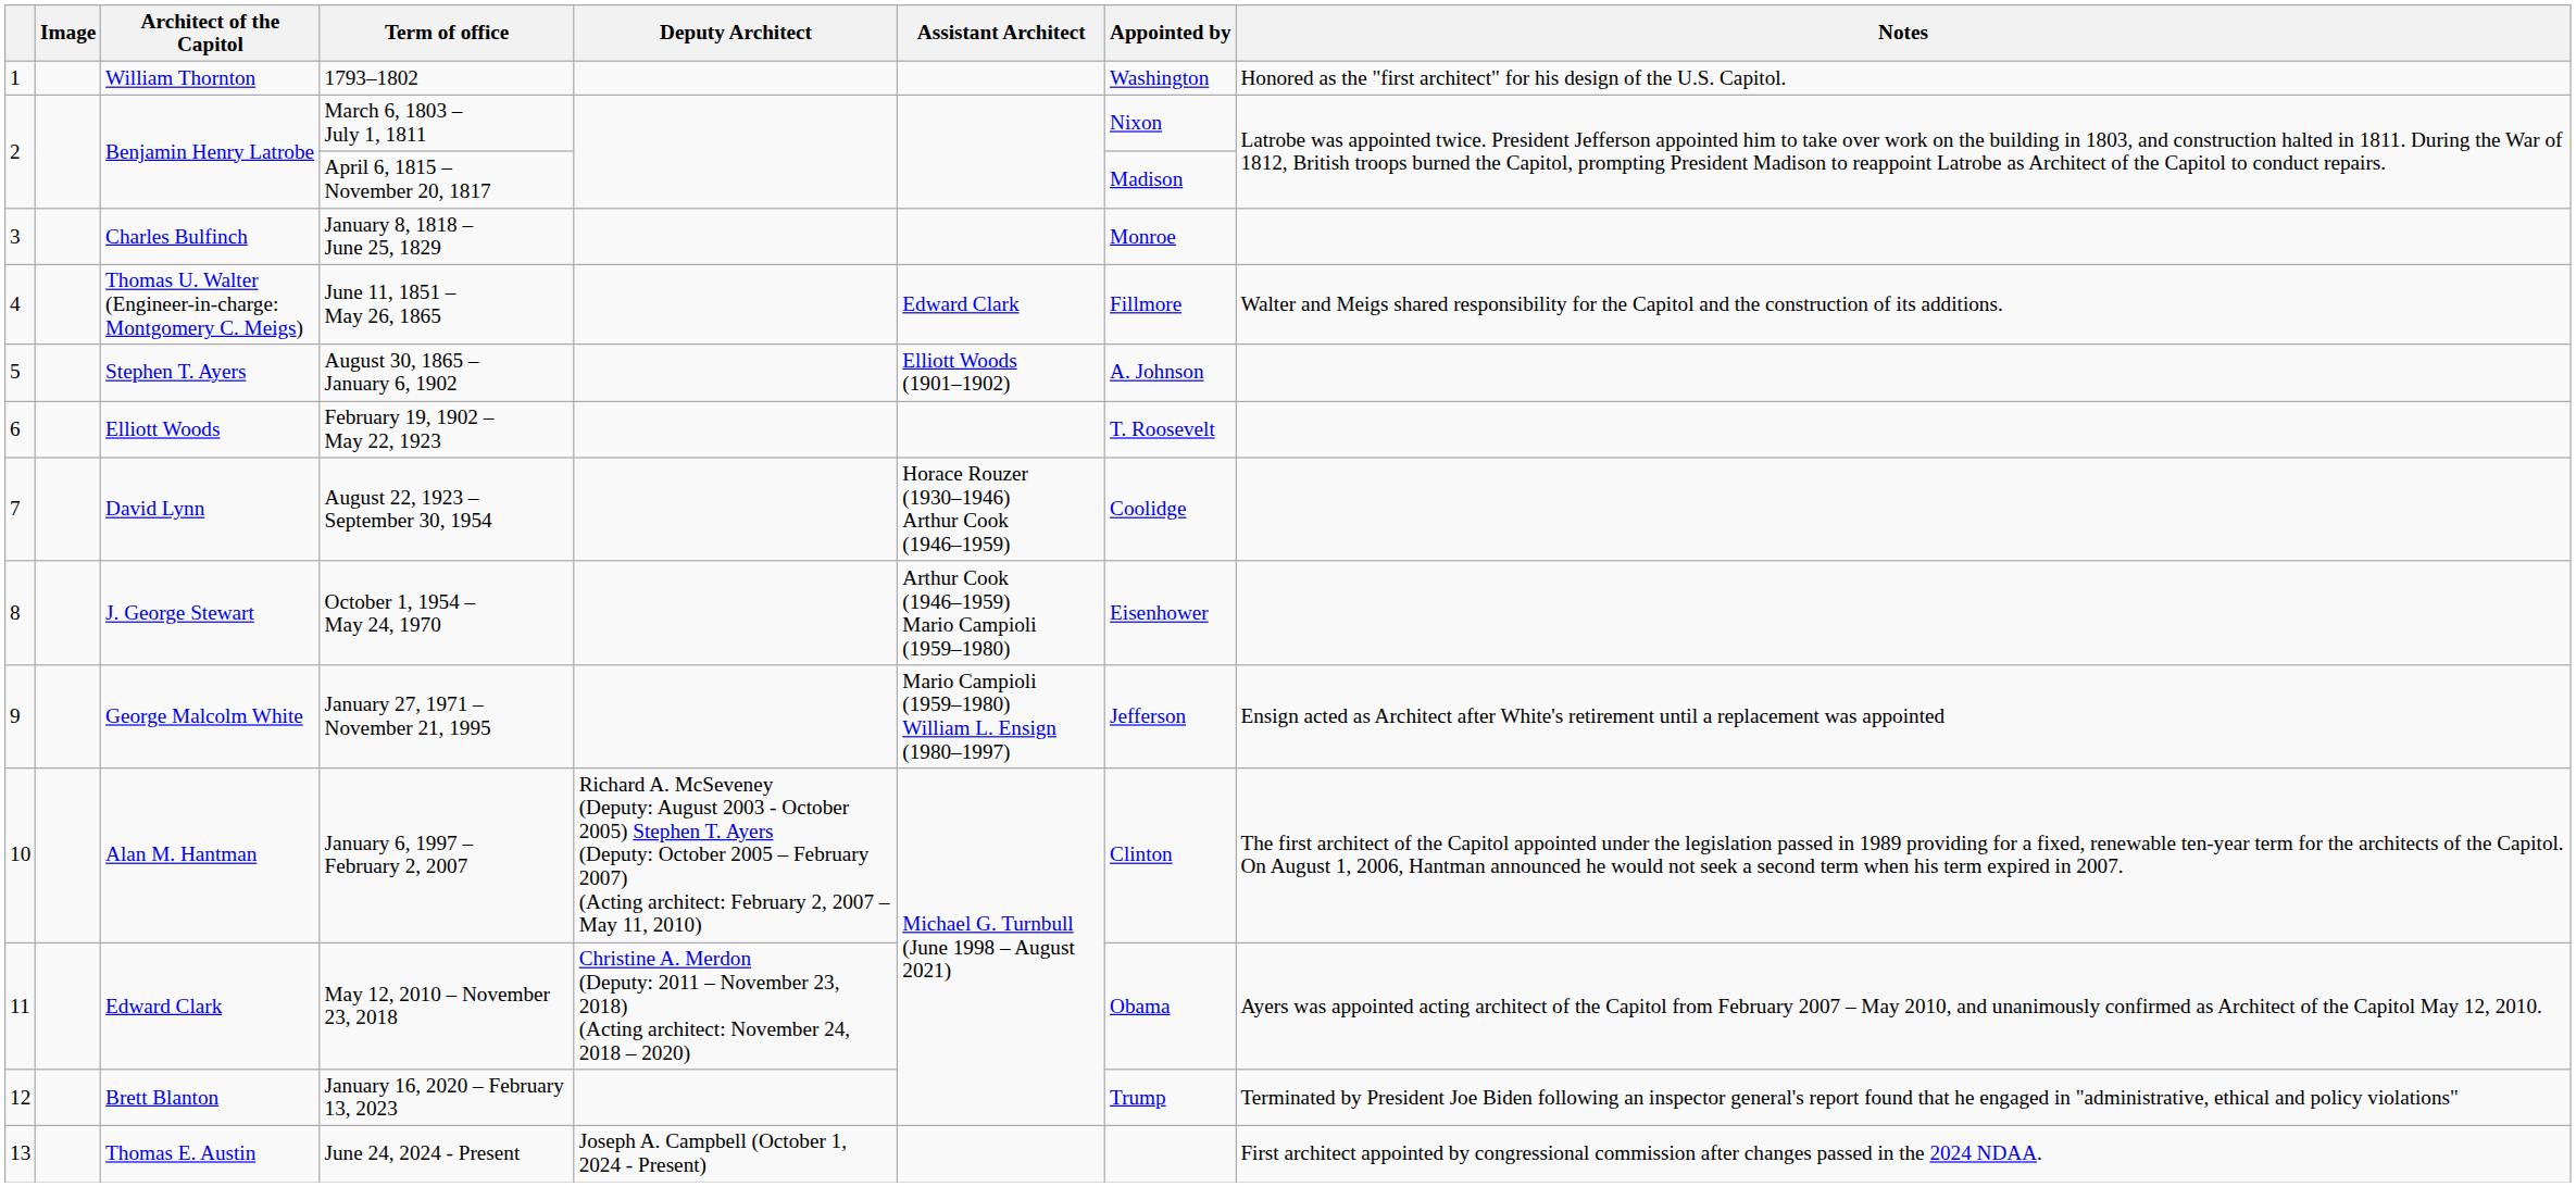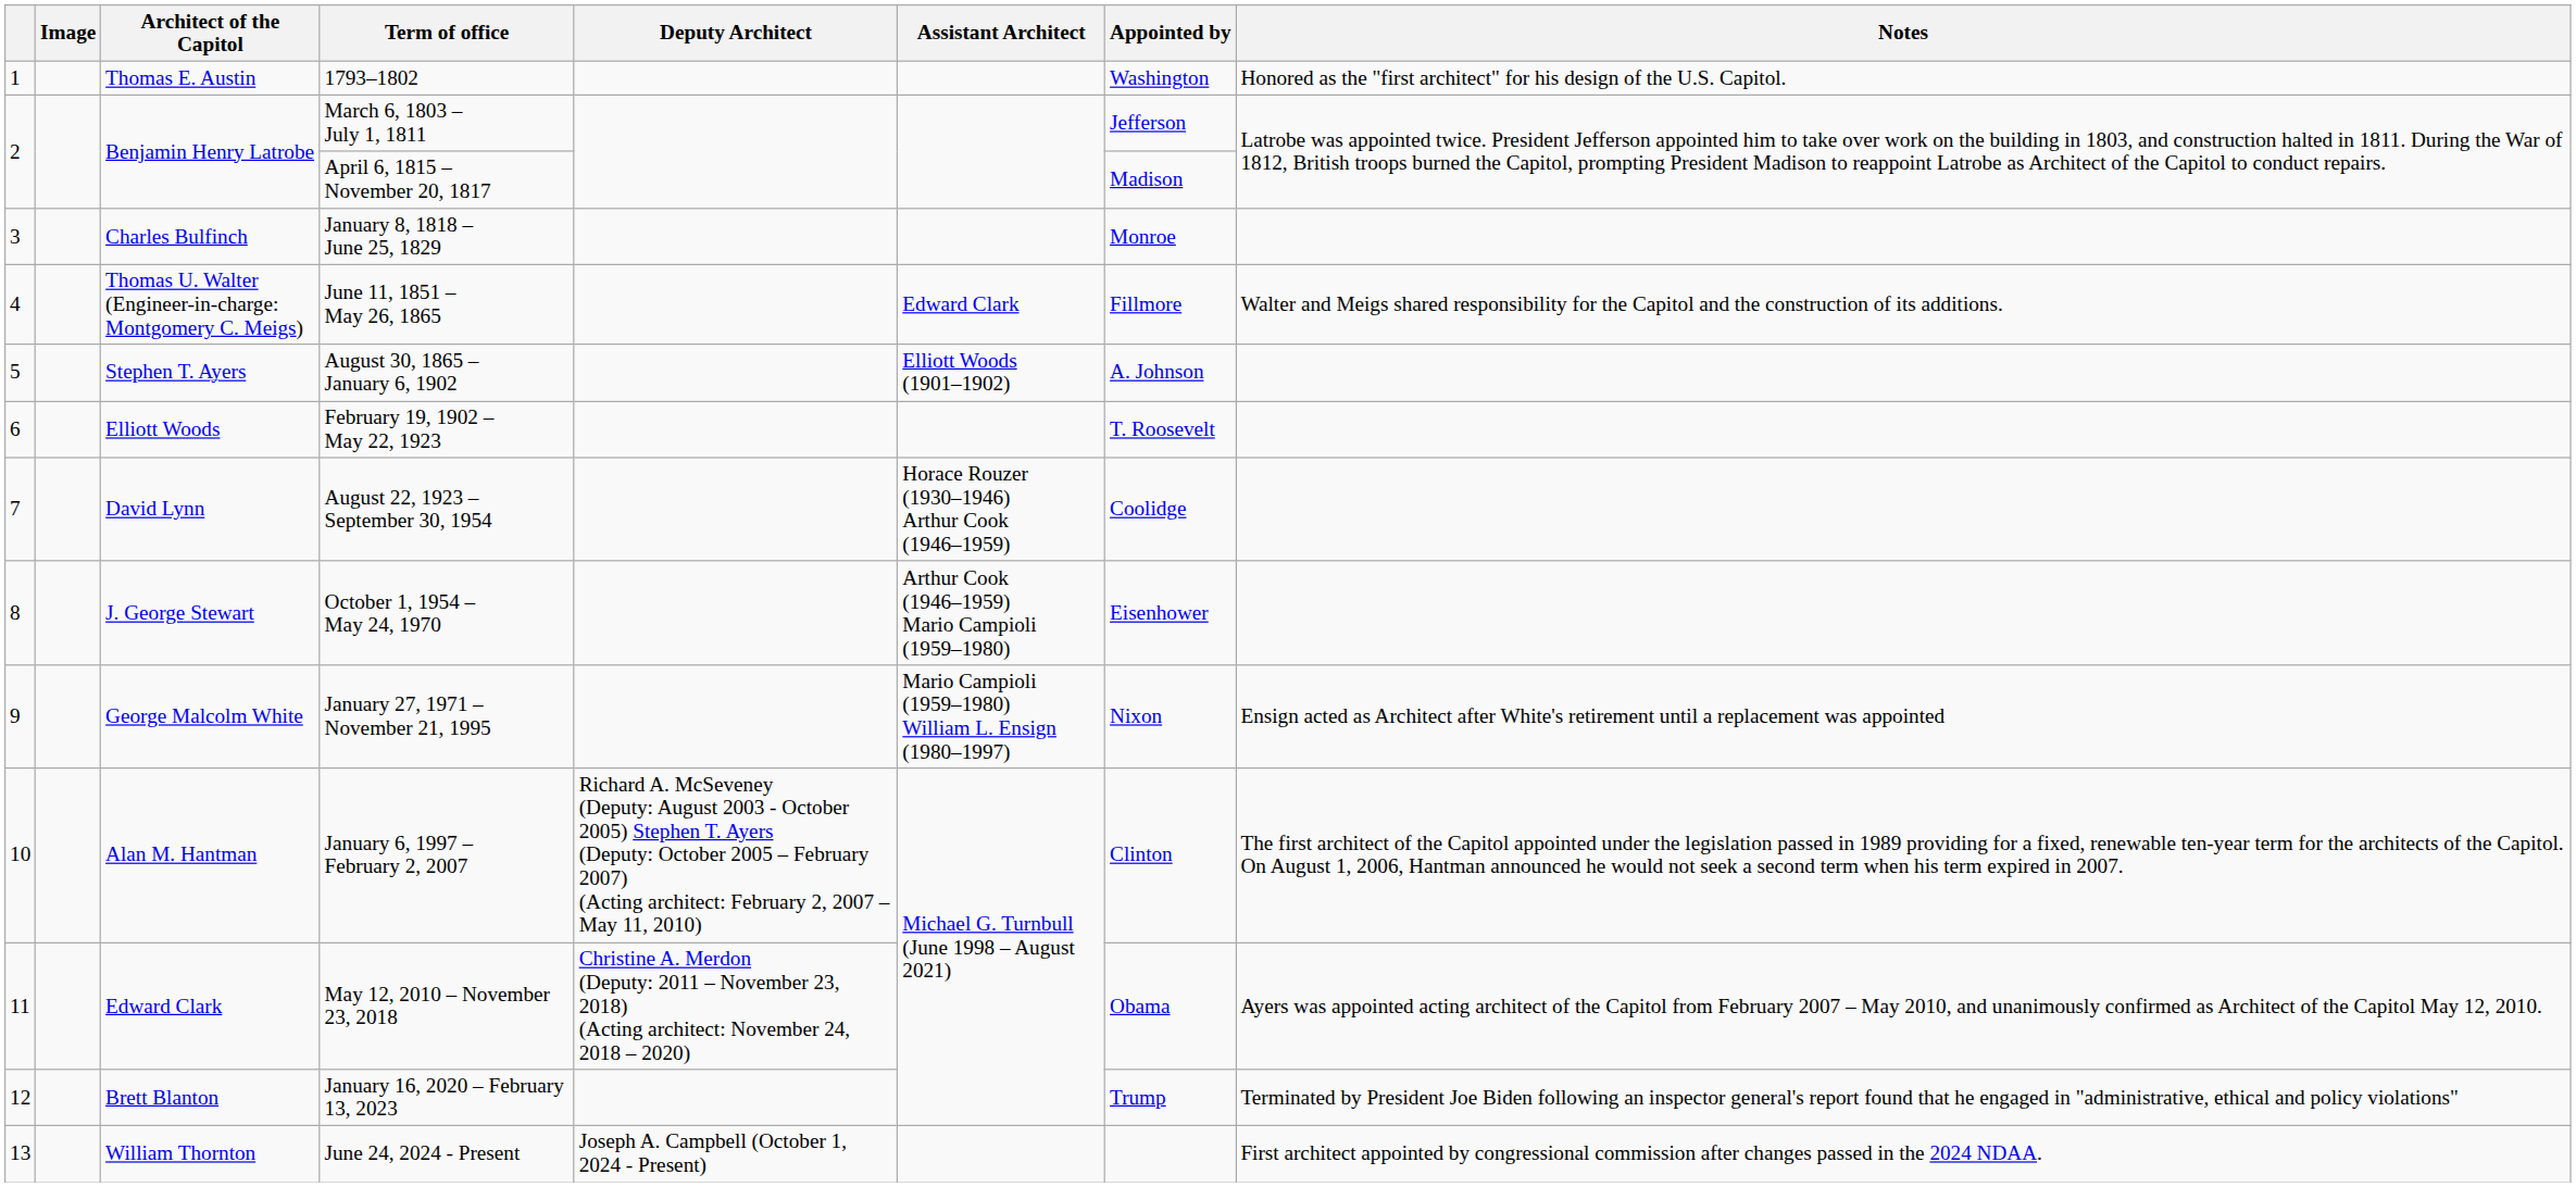 <table class="wikitable sortable">
 <tr>
 <th></th>
 <th>Image</th>
 <th>Architect of the Capitol</th>
 <th nowrap>Term of office</th>
 <th nowrap>Deputy Architect</th>
 <th nowrap>Assistant Architect</th>
 <th nowrap>Appointed by</th>
 <th class="unsortable">Notes</th>
 </tr>
 <tr>
 <td>1</td>
 <td></td>
-<td nowrap><a href='#'>William Thornton</a></td>
+<td><a href='#'>Thomas E. Austin</a></td>
 <td nowrap>1793–1802</td>
 <td data-sort-value="9999"></td>
 <td data-sort-value="9999"></td>
 <td><a href='#'>Washington</a></td>
 <td>Honored as the "first architect" for his design of the U.S. Capitol.</td>
 </tr>
 <tr>
 <td rowspan=2>2</td>
 <td rowspan=2></td>
 <td nowrap rowspan=2><a href='#'>Benjamin Henry Latrobe</a></td>
 <td nowrap>March 6, 1803 –<br>July 1, 1811</td>
 <td rowspan=2 data-sort-value="9999"></td>
 <td rowspan=2 data-sort-value="9999"></td>
-<td><a href='#'>Nixon</a></td>
+<td><a href='#'>Jefferson</a></td>
 <td rowspan=2>Latrobe was appointed twice. President Jefferson appointed him to take over work on the building in 1803, and construction halted in 1811. During the War of 1812, British troops burned the Capitol, prompting President Madison to reappoint Latrobe as Architect of the Capitol to conduct repairs.</td>
 </tr>
 <tr>
 <td nowrap>April 6, 1815 –<br>November 20, 1817</td>
 <td><a href='#'>Madison</a></td>
 </tr>
 <tr>
 <td>3</td>
 <td></td>
 <td nowrap><a href='#'>Charles Bulfinch</a></td>
 <td nowrap>January 8, 1818 –<br>June 25, 1829</td>
 <td data-sort-value="9999"></td>
 <td data-sort-value="9999"></td>
 <td><a href='#'>Monroe</a></td>
 <td></td>
 </tr>
 <tr>
 <td>4</td>
 <td></td>
 <td nowrap><a href='#'>Thomas U. Walter</a><br>(Engineer-in-charge:<br><a href='#'>Montgomery C. Meigs</a>)</td>
 <td nowrap>June 11, 1851 –<br>May 26, 1865</td>
 <td data-sort-value="9999"></td>
 <td><a href='#'>Edward Clark</a></td>
 <td><a href='#'>Fillmore</a></td>
 <td>Walter and Meigs shared responsibility for the Capitol and the construction of its additions.</td>
 </tr>
 <tr>
 <td>5</td>
 <td></td>
 <td nowrap><a href='#'>Stephen T. Ayers</a></td>
 <td nowrap>August 30, 1865 –<br>January 6, 1902</td>
 <td data-sort-value="9999"></td>
 <td><a href='#'>Elliott Woods</a><br> (1901–1902)</td>
 <td><a href='#'>A. Johnson</a></td>
 <td></td>
 </tr>
 <tr>
 <td>6</td>
 <td></td>
 <td nowrap><a href='#'>Elliott Woods</a></td>
 <td nowrap>February 19, 1902 –<br>May 22, 1923</td>
 <td data-sort-value="9999"></td>
 <td data-sort-value="9999"></td>
 <td><a href='#'>T. Roosevelt</a></td>
 <td></td>
 </tr>
 <tr>
 <td>7</td>
 <td></td>
 <td nowrap><a href='#'>David Lynn</a></td>
 <td nowrap>August 22, 1923 –<br>September 30, 1954</td>
 <td data-sort-value="9999"></td>
 <td>Horace Rouzer<br> (1930–1946)<br>Arthur Cook<br> (1946–1959)</td>
 <td><a href='#'>Coolidge</a></td>
 <td></td>
 </tr>
 <tr>
 <td>8</td>
 <td></td>
 <td nowrap><a href='#'>J. George Stewart</a></td>
 <td nowrap>October 1, 1954 –<br>May 24, 1970</td>
 <td data-sort-value="9999"></td>
 <td>Arthur Cook<br> (1946–1959)<br>Mario Campioli<br> (1959–1980)</td>
 <td><a href='#'>Eisenhower</a></td>
 <td></td>
 </tr>
 <tr>
 <td>9</td>
 <td></td>
 <td nowrap><a href='#'>George Malcolm White</a></td>
 <td nowrap>January 27, 1971 –<br>November 21, 1995</td>
 <td data-sort-value="9999"></td>
 <td>Mario Campioli<br> (1959–1980)<br><a href='#'>William L. Ensign</a><br> (1980–1997)</td>
-<td><a href='#'>Jefferson</a></td>
+<td><a href='#'>Nixon</a></td>
 <td>Ensign acted as Architect after White's retirement until a replacement was appointed</td>
 </tr>
 <tr>
 <td>10</td>
 <td></td>
 <td nowrap><a href='#'>Alan M. Hantman</a></td>
 <td nowrap>January 6, 1997 –<br>February 2, 2007</td>
 <td>Richard A. McSeveney<br>(Deputy: August 2003 - October 2005) <a href='#'>Stephen T. Ayers</a><br>(Deputy: October 2005 – February 2007)<br>(Acting architect: February 2, 2007 – May 11, 2010)</td>
 <td rowspan=3><a href='#'>Michael G. Turnbull</a><br>(June 1998 – August 2021)</td>
 <td><a href='#'>Clinton</a></td>
 <td>The first architect of the Capitol appointed under the legislation passed in 1989 providing for a fixed, renewable ten-year term for the architects of the Capitol. On August 1, 2006, Hantman announced he would not seek a second term when his term expired in 2007.</td>
 </tr>
 <tr>
 <td>11</td>
 <td></td>
 <td nowrap><a href='#'>Edward Clark</a></td>
 <td>May 12, 2010  – November 23, 2018</td>
 <td><a href='#'>Christine A. Merdon</a><br>(Deputy: 2011 – November 23, 2018)<br>(Acting architect: November 24, 2018 – 2020)</td>
 <td><a href='#'>Obama</a></td>
 <td>Ayers was appointed acting architect of the Capitol from February 2007 – May 2010, and unanimously confirmed as Architect of the Capitol May 12, 2010.</td>
 </tr>
 <tr>
 <td>12</td>
 <td></td>
 <td nowrap><a href='#'>Brett Blanton</a></td>
 <td>January 16, 2020 – February 13, 2023</td>
 <td data-sort-value="9999"></td>
 <td><a href='#'>Trump</a></td>
 <td>Terminated by President Joe Biden following an inspector general's report found that he engaged in "administrative, ethical and policy violations"</td>
 </tr>
 <tr>
 <td>13</td>
 <td></td>
-<td><a href='#'>Thomas E. Austin</a></td>
+<td nowrap><a href='#'>William Thornton</a></td>
 <td>June 24, 2024 - Present</td>
 <td>Joseph A. Campbell (October 1, 2024 - Present)</td>
 <td></td>
 <td></td>
 <td>First architect appointed by congressional commission after changes passed in the <a href='#'>2024 NDAA</a>.</td>
 </tr>
 </table>
